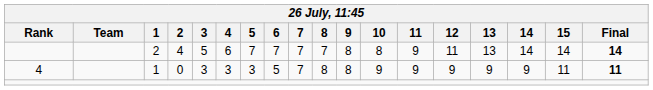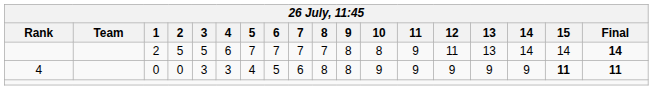 <table class=wikitable style="text-align:center; width: 55%">
 <tr>
 <th colspan=18><em>26 July, 11:45</em></th>
 </tr>
 <tr>
 <th>Rank</th>
 <th>Team</th>
 <th>1</th>
 <th>2</th>
 <th>3</th>
 <th>4</th>
 <th>5</th>
 <th>6</th>
 <th>7</th>
 <th>8</th>
 <th>9</th>
 <th>10</th>
 <th>11</th>
 <th>12</th>
 <th>13</th>
 <th>14</th>
 <th>15</th>
 <th>Final</th>
 </tr>
 <tr>
 <td></td>
 <td align=left><strong></strong></td>
 <td>2</td>
-<td>4</td>
+<td>5</td>
 <td>5</td>
 <td>6</td>
 <td>7</td>
 <td>7</td>
 <td>7</td>
 <td>7</td>
 <td>8</td>
 <td>8</td>
 <td>9</td>
 <td>11</td>
 <td>13</td>
 <td>14</td>
 <td>14</td>
 <td><strong>14</strong></td>
 </tr>
 <tr>
 <td>4</td>
 <td align=left></td>
-<td>1</td>
+<td>0</td>
 <td>0</td>
 <td>3</td>
 <td>3</td>
-<td>3</td>
+<td>4</td>
 <td>5</td>
-<td>7</td>
+<td>6</td>
 <td>8</td>
 <td>8</td>
 <td>9</td>
 <td>9</td>
 <td>9</td>
 <td>9</td>
 <td>9</td>
-<td>11</td>
+<td><strong>11</strong></td>
 <td><strong>11</strong></td>
 </tr>
 <tr>
 <td colspan=18></td>
 </tr>
 </table>
